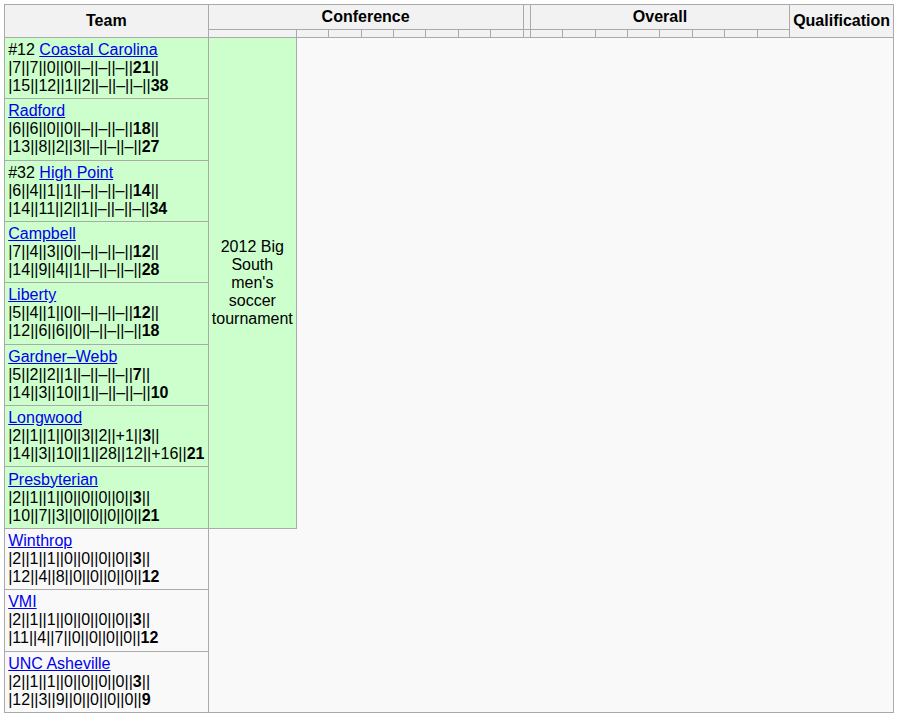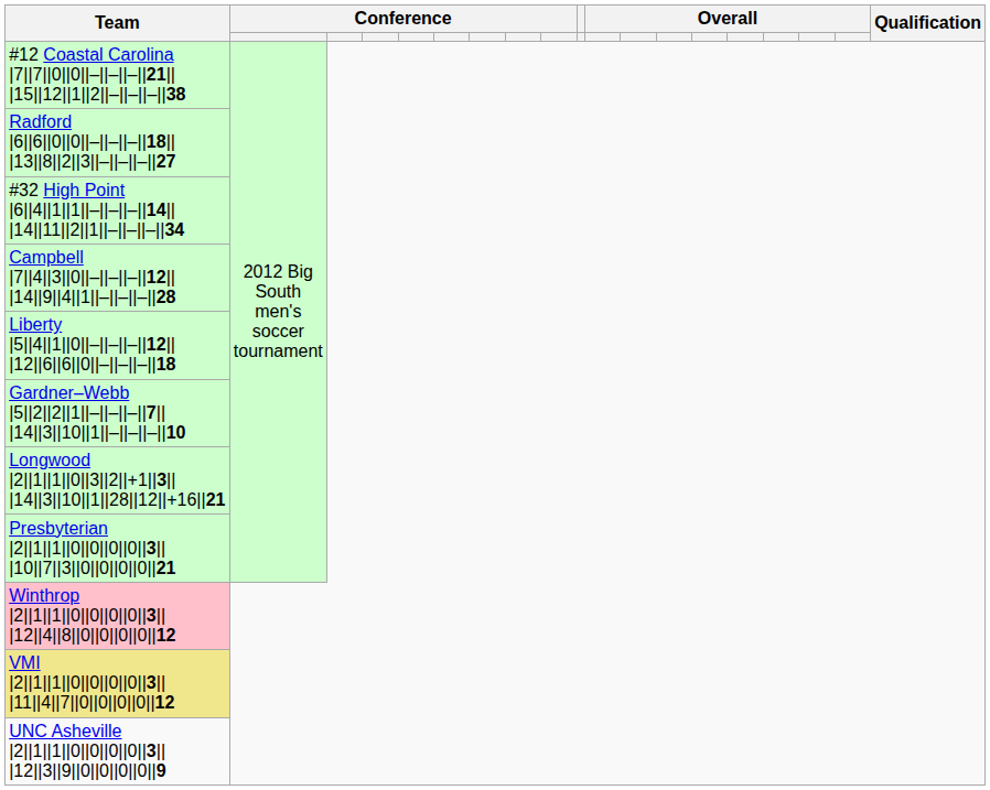 <table class="wikitable" style="text-align: center; font-size: 100%;">
 <tr>
 <th rowspan="2" width="165">Team</th>
 <th colspan="8">Conference</th>
 <th></th>
 <th colspan="8">Overall</th>
 <th rowspan="2">Qualification</th>
 </tr>
 <tr>
 <th width="25"></th>
 <th width="25"></th>
 <th width="25"></th>
 <th width="25"></th>
 <th width="25"></th>
 <th width="25"></th>
 <th width="25"></th>
 <th width="25"></th>
 <th></th>
 <th width="25"></th>
 <th width="25"></th>
 <th width="25"></th>
 <th width="25"></th>
 <th width="25"></th>
 <th width="25"></th>
 <th width="25"></th>
 <th width="25"></th>
 </tr>
 <tr bgcolor=#CCFFCC>
 <td align=left>#12 <a href='#'>Coastal Carolina</a><br> |7||7||0||0||–||–||–||<strong>21</strong>||  |15||12||1||2||–||–||–||<strong>38</strong></td>
 <td rowspan="8">2012 Big South men's soccer tournament</td>
 </tr>
 <tr bgcolor=#CCFFCC>
 <td align=left><a href='#'>Radford</a><br> |6||6||0||0||–||–||–||<strong>18</strong>||  |13||8||2||3||–||–||–||<strong>27</strong></td>
 </tr>
 <tr bgcolor=#CCFFCC>
 <td align=left>#32 <a href='#'>High Point</a><br> |6||4||1||1||–||–||–||<strong>14</strong>||  |14||11||2||1||–||–||–||<strong>34</strong></td>
 </tr>
 <tr bgcolor=#CCFFCC>
 <td align=left><a href='#'>Campbell</a><br> |7||4||3||0||–||–||–||<strong>12</strong>||  |14||9||4||1||–||–||–||<strong>28</strong></td>
 </tr>
 <tr bgcolor=#CCFFCC>
 <td align=left><a href='#'>Liberty</a><br> |5||4||1||0||–||–||–||<strong>12</strong>||  |12||6||6||0||–||–||–||<strong>18</strong></td>
 </tr>
 <tr bgcolor=#CCFFCC>
 <td align=left><a href='#'>Gardner–Webb</a><br> |5||2||2||1||–||–||–||<strong>7</strong>||  |14||3||10||1||–||–||–||<strong>10</strong></td>
 </tr>
 <tr bgcolor=#CCFFCC>
 <td align=left><a href='#'>Longwood</a><br> |2||1||1||0||3||2||+1||<strong>3</strong>||  |14||3||10||1||28||12||+16||<strong>21</strong></td>
 </tr>
 <tr bgcolor=#CCFFCC>
 <td align=left><a href='#'>Presbyterian</a><br> |2||1||1||0||0||0||0||<strong>3</strong>||  |10||7||3||0||0||0||0||<strong>21</strong></td>
 </tr>
 <tr>
-<td align=left><a href='#'>Winthrop</a><br> |2||1||1||0||0||0||0||<strong>3</strong>||  |12||4||8||0||0||0||0||<strong>12</strong></td>
+<td align=left style="background: pink;"><a href='#'>Winthrop</a><br> |2||1||1||0||0||0||0||<strong>3</strong>||  |12||4||8||0||0||0||0||<strong>12</strong></td>
 </tr>
 <tr>
-<td align=left><a href='#'>VMI</a><br> |2||1||1||0||0||0||0||<strong>3</strong>||  |11||4||7||0||0||0||0||<strong>12</strong></td>
+<td align=left style="background: khaki;"><a href='#'>VMI</a><br> |2||1||1||0||0||0||0||<strong>3</strong>||  |11||4||7||0||0||0||0||<strong>12</strong></td>
 </tr>
 <tr>
 <td align=left><a href='#'>UNC Asheville</a><br> |2||1||1||0||0||0||0||<strong>3</strong>||  |12||3||9||0||0||0||0||<strong>9</strong></td>
 </tr>
 <tr>
 </tr>
 </table>
